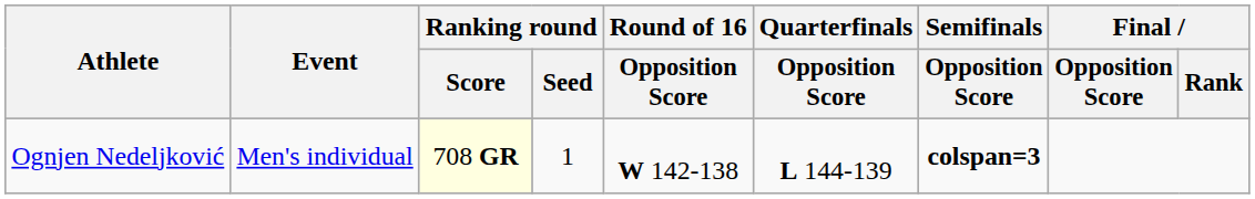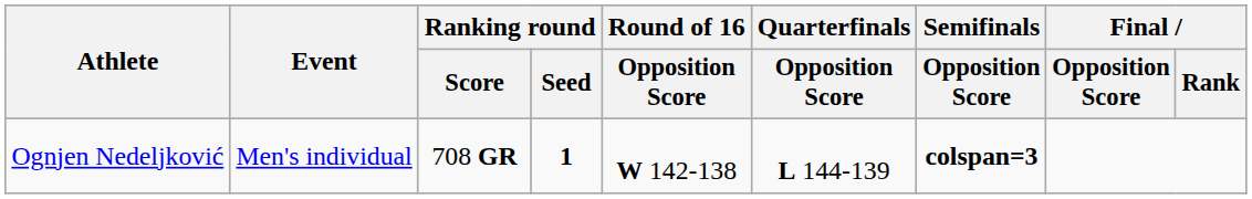 <table class="wikitable" style="text-align:center; font-size:90%">
 <tr>
 <th rowspan="2">Athlete</th>
 <th rowspan="2">Event</th>
 <th colspan="2">Ranking round</th>
 <th>Round of 16</th>
 <th>Quarterfinals</th>
 <th>Semifinals</th>
 <th colspan="2">Final / </th>
 </tr>
 <tr style="font-size:95%">
 <th>Score</th>
 <th>Seed</th>
 <th>Opposition<br>Score</th>
 <th>Opposition<br>Score</th>
 <th>Opposition<br>Score</th>
 <th>Opposition<br>Score</th>
 <th>Rank</th>
 </tr>
 <tr>
 <td align="left"><a href='#'>Ognjen Nedeljković</a></td>
 <td align="left"><a href='#'>Men's individual</a></td>
-<td style="background: lightyellow;">708 <strong>GR</strong></td>
-<td>1</td>
+<td>708 <strong>GR</strong></td>
+<td><strong>1</strong></td>
 <td><br><strong>W</strong> 142-138</td>
 <td><br><strong>L</strong> 144-139</td>
 <td><strong>colspan=3 </strong></td>
 </tr>
 </table>
